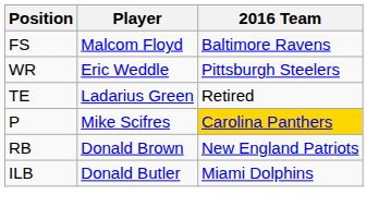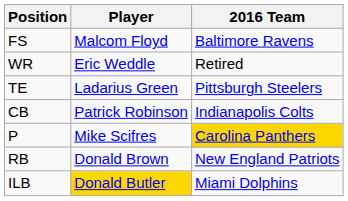 <table class="wikitable" style="font-size: 95%; text-align: left">
 <tr>
 <th>Position</th>
 <th>Player</th>
 <th>2016 Team</th>
 </tr>
 <tr>
 <td>FS</td>
 <td><a href='#'>Malcom Floyd</a></td>
 <td><a href='#'>Baltimore Ravens</a></td>
 </tr>
 <tr>
 <td>WR</td>
 <td><a href='#'>Eric Weddle</a></td>
-<td><a href='#'>Pittsburgh Steelers</a></td>
+<td>Retired</td>
 </tr>
 <tr>
 <td>TE</td>
 <td><a href='#'>Ladarius Green</a></td>
-<td>Retired</td>
+<td><a href='#'>Pittsburgh Steelers</a></td>
+</tr>
+<tr>
+<td>CB</td>
+<td><a href='#'>Patrick Robinson</a></td>
+<td><a href='#'>Indianapolis Colts</a></td>
 </tr>
 <tr>
 <td>P</td>
 <td><a href='#'>Mike Scifres</a></td>
 <td style="background: gold;"><a href='#'>Carolina Panthers</a></td>
 </tr>
 <tr>
 <td>RB</td>
 <td><a href='#'>Donald Brown</a></td>
 <td><a href='#'>New England Patriots</a></td>
 </tr>
 <tr>
 <td>ILB</td>
-<td><a href='#'>Donald Butler</a></td>
+<td style="background: gold;"><a href='#'>Donald Butler</a></td>
 <td><a href='#'>Miami Dolphins</a></td>
 </tr>
 </table>
